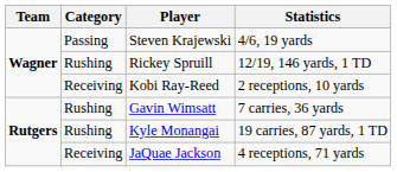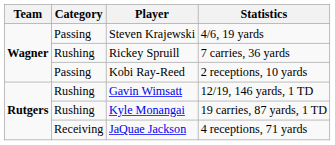 <table class="wikitable" style="float: left;">
 <tr>
 <th>Team</th>
 <th>Category</th>
 <th>Player</th>
 <th>Statistics</th>
 </tr>
 <tr>
 <td rowspan=3><strong>Wagner</strong></td>
 <td>Passing</td>
 <td>Steven Krajewski</td>
 <td>4/6, 19 yards</td>
 </tr>
 <tr>
 <td>Rushing</td>
 <td>Rickey Spruill</td>
-<td>12/19, 146 yards, 1 TD</td>
+<td>7 carries, 36 yards</td>
 </tr>
 <tr>
-<td>Receiving</td>
+<td>Passing</td>
 <td>Kobi Ray-Reed</td>
 <td>2 receptions, 10 yards</td>
 </tr>
 <tr>
 <td rowspan=3><strong>Rutgers</strong></td>
 <td>Rushing</td>
 <td><a href='#'>Gavin Wimsatt</a></td>
-<td>7 carries, 36 yards</td>
+<td>12/19, 146 yards, 1 TD</td>
 </tr>
 <tr>
 <td>Rushing</td>
 <td><a href='#'>Kyle Monangai</a></td>
 <td>19 carries, 87 yards, 1 TD</td>
 </tr>
 <tr>
 <td>Receiving</td>
 <td><a href='#'>JaQuae Jackson</a></td>
 <td>4 receptions, 71 yards</td>
 </tr>
 </table>
